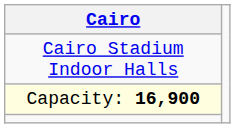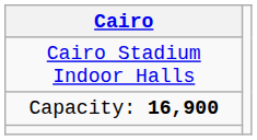 <table class="wikitable" style="text-align:center" align=center>
 <tr>
 <th><a href='#'>Cairo</a></th>
 <td rowspan=6></td>
 </tr>
 <tr>
 <td width=150px><a href='#'>Cairo Stadium Indoor Halls</a></td>
 </tr>
 <tr>
-<td style="background: lightyellow;">Capacity: <strong>16,900</strong></td>
+<td>Capacity: <strong>16,900</strong></td>
 </tr>
 <tr>
 <td></td>
 </tr>
 </table>
